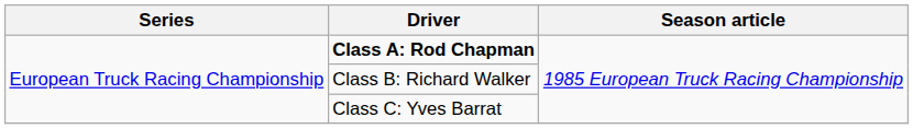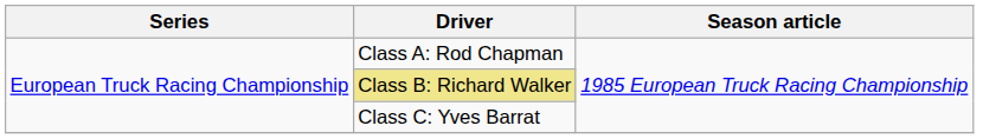 <table class="wikitable" style="font-size: 87%;">
 <tr>
 <th>Series</th>
 <th>Driver</th>
 <th>Season article</th>
 </tr>
 <tr>
 <td rowspan=3><a href='#'>European Truck Racing Championship</a></td>
-<td><strong>Class A:  Rod Chapman</strong></td>
+<td>Class A:  Rod Chapman</td>
 <td rowspan=3><em><a href='#'>1985 European Truck Racing Championship</a></em></td>
 </tr>
 <tr>
-<td>Class B:  Richard Walker</td>
+<td style="background: khaki;">Class B:  Richard Walker</td>
 </tr>
 <tr>
 <td>Class C:  Yves Barrat</td>
 </tr>
 <tr>
 </tr>
 </table>
